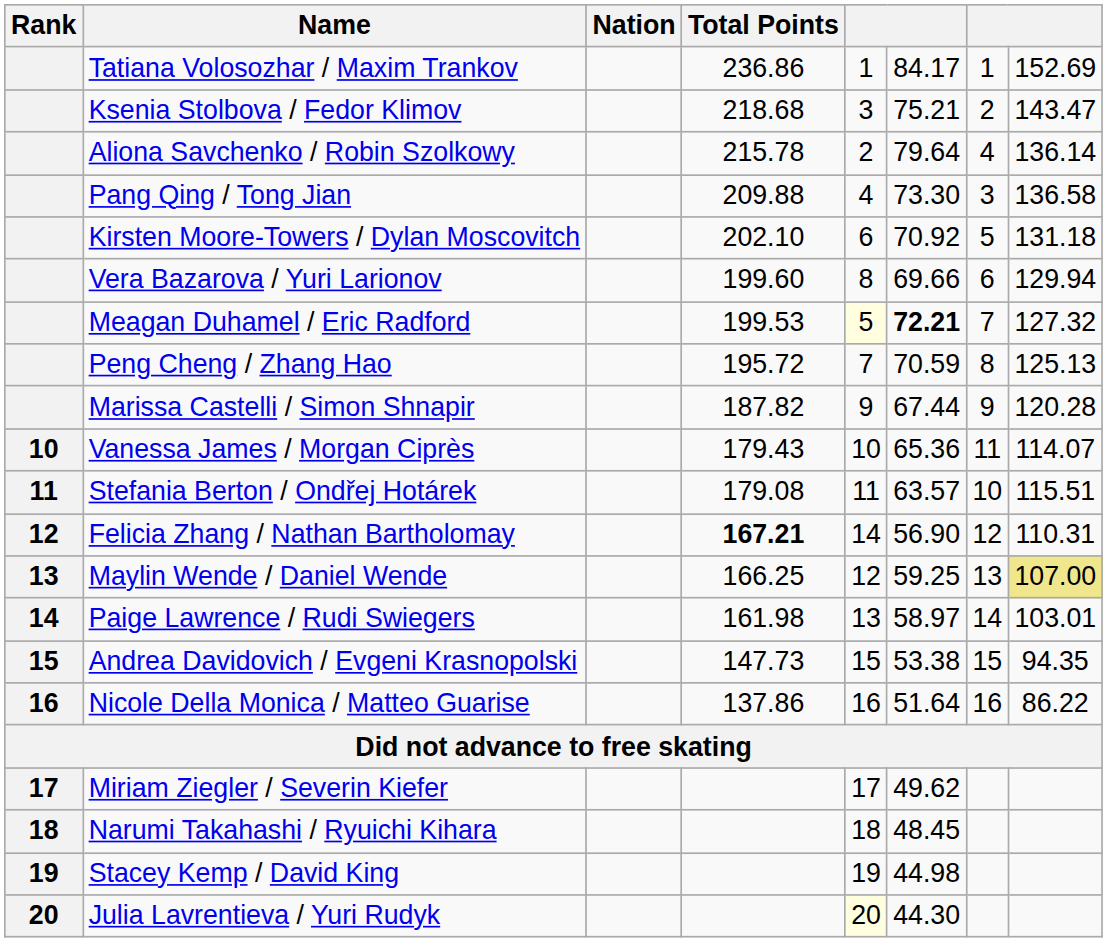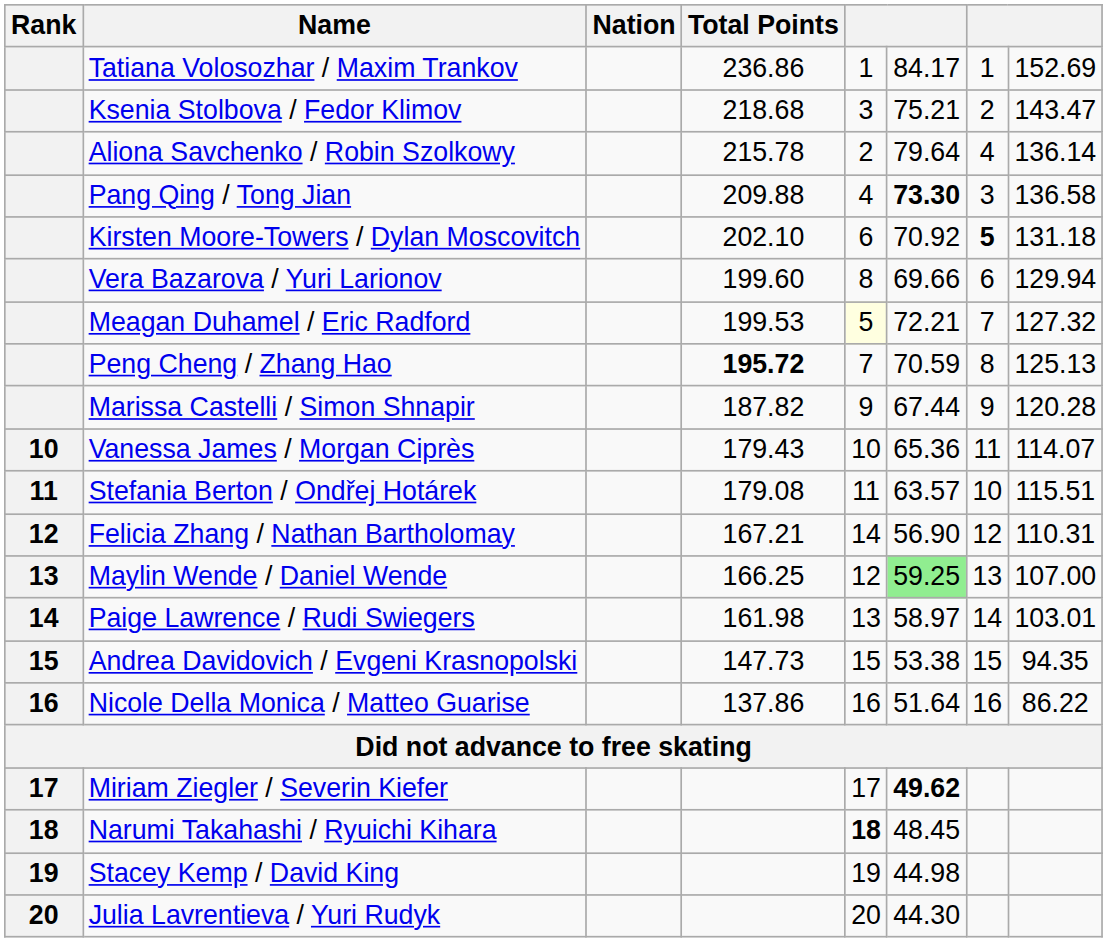 <table class="wikitable sortable" style="text-align:center">
 <tr>
 <th>Rank</th>
 <th>Name</th>
 <th>Nation</th>
 <th>Total Points</th>
 <th colspan=2></th>
 <th colspan=2></th>
 </tr>
 <tr>
 <th></th>
 <td align=left><a href='#'>Tatiana Volosozhar</a> / <a href='#'>Maxim Trankov</a></td>
 <td align=left></td>
 <td>236.86</td>
 <td>1</td>
 <td>84.17</td>
 <td>1</td>
 <td>152.69</td>
 </tr>
 <tr>
 <th></th>
 <td align=left><a href='#'>Ksenia Stolbova</a> / <a href='#'>Fedor Klimov</a></td>
 <td align=left></td>
 <td>218.68</td>
 <td>3</td>
 <td>75.21</td>
 <td>2</td>
 <td>143.47</td>
 </tr>
 <tr>
 <th></th>
 <td align=left><a href='#'>Aliona Savchenko</a> / <a href='#'>Robin Szolkowy</a></td>
 <td align=left></td>
 <td>215.78</td>
 <td>2</td>
 <td>79.64</td>
 <td>4</td>
 <td>136.14</td>
 </tr>
 <tr>
 <th></th>
 <td align=left><a href='#'>Pang Qing</a> / <a href='#'>Tong Jian</a></td>
 <td align=left></td>
 <td>209.88</td>
 <td>4</td>
-<td>73.30</td>
+<td><strong>73.30</strong></td>
 <td>3</td>
 <td>136.58</td>
 </tr>
 <tr>
 <th></th>
 <td align=left><a href='#'>Kirsten Moore-Towers</a> / <a href='#'>Dylan Moscovitch</a></td>
 <td align=left></td>
 <td>202.10</td>
 <td>6</td>
 <td>70.92</td>
-<td>5</td>
+<td><strong>5</strong></td>
 <td>131.18</td>
 </tr>
 <tr>
 <th></th>
 <td align=left><a href='#'>Vera Bazarova</a> / <a href='#'>Yuri Larionov</a></td>
 <td align=left></td>
 <td>199.60</td>
 <td>8</td>
 <td>69.66</td>
 <td>6</td>
 <td>129.94</td>
 </tr>
 <tr>
 <th></th>
 <td align=left><a href='#'>Meagan Duhamel</a> / <a href='#'>Eric Radford</a></td>
 <td align=left></td>
 <td>199.53</td>
 <td style="background: lightyellow;">5</td>
-<td><strong>72.21</strong></td>
+<td>72.21</td>
 <td>7</td>
 <td>127.32</td>
 </tr>
 <tr>
 <th></th>
 <td align=left><a href='#'>Peng Cheng</a> / <a href='#'>Zhang Hao</a></td>
 <td align=left></td>
-<td>195.72</td>
+<td><strong>195.72</strong></td>
 <td>7</td>
 <td>70.59</td>
 <td>8</td>
 <td>125.13</td>
 </tr>
 <tr>
 <th></th>
 <td align=left><a href='#'>Marissa Castelli</a> / <a href='#'>Simon Shnapir</a></td>
 <td align=left></td>
 <td>187.82</td>
 <td>9</td>
 <td>67.44</td>
 <td>9</td>
 <td>120.28</td>
 </tr>
 <tr>
 <th>10</th>
 <td align=left><a href='#'>Vanessa James</a> / <a href='#'>Morgan Ciprès</a></td>
 <td align=left></td>
 <td>179.43</td>
 <td>10</td>
 <td>65.36</td>
 <td>11</td>
 <td>114.07</td>
 </tr>
 <tr>
 <th>11</th>
 <td align=left><a href='#'>Stefania Berton</a> / <a href='#'>Ondřej Hotárek</a></td>
 <td align=left></td>
 <td>179.08</td>
 <td>11</td>
 <td>63.57</td>
 <td>10</td>
 <td>115.51</td>
 </tr>
 <tr>
 <th>12</th>
 <td align=left><a href='#'>Felicia Zhang</a> / <a href='#'>Nathan Bartholomay</a></td>
 <td align=left></td>
-<td><strong>167.21</strong></td>
+<td>167.21</td>
 <td>14</td>
 <td>56.90</td>
 <td>12</td>
 <td>110.31</td>
 </tr>
 <tr>
 <th>13</th>
 <td align=left><a href='#'>Maylin Wende</a> / <a href='#'>Daniel Wende</a></td>
 <td align=left></td>
 <td>166.25</td>
 <td>12</td>
-<td>59.25</td>
+<td style="background: lightgreen;">59.25</td>
 <td>13</td>
-<td style="background: khaki;">107.00</td>
+<td>107.00</td>
 </tr>
 <tr>
 <th>14</th>
 <td align=left><a href='#'>Paige Lawrence</a> / <a href='#'>Rudi Swiegers</a></td>
 <td align=left></td>
 <td>161.98</td>
 <td>13</td>
 <td>58.97</td>
 <td>14</td>
 <td>103.01</td>
 </tr>
 <tr>
 <th>15</th>
 <td align=left><a href='#'>Andrea Davidovich</a> / <a href='#'>Evgeni Krasnopolski</a></td>
 <td align=left></td>
 <td>147.73</td>
 <td>15</td>
 <td>53.38</td>
 <td>15</td>
 <td>94.35</td>
 </tr>
 <tr>
 <th>16</th>
 <td align=left><a href='#'>Nicole Della Monica</a> / <a href='#'>Matteo Guarise</a></td>
 <td align=left></td>
 <td>137.86</td>
 <td>16</td>
 <td>51.64</td>
 <td>16</td>
 <td>86.22</td>
 </tr>
 <tr>
 <th colspan=8>Did not advance to free skating</th>
 </tr>
 <tr>
 <th>17</th>
 <td align=left><a href='#'>Miriam Ziegler</a> / <a href='#'>Severin Kiefer</a></td>
 <td align=left></td>
 <td></td>
 <td>17</td>
-<td>49.62</td>
+<td><strong>49.62</strong></td>
 <td></td>
 <td></td>
 </tr>
 <tr>
 <th>18</th>
 <td align=left><a href='#'>Narumi Takahashi</a> / <a href='#'>Ryuichi Kihara</a></td>
 <td align=left></td>
 <td></td>
-<td>18</td>
+<td><strong>18</strong></td>
 <td>48.45</td>
 <td></td>
 <td></td>
 </tr>
 <tr>
 <th>19</th>
 <td align=left><a href='#'>Stacey Kemp</a> / <a href='#'>David King</a></td>
 <td align=left></td>
 <td></td>
 <td>19</td>
 <td>44.98</td>
 <td></td>
 <td></td>
 </tr>
 <tr>
 <th>20</th>
 <td align=left><a href='#'>Julia Lavrentieva</a> / <a href='#'>Yuri Rudyk</a></td>
 <td align=left></td>
 <td></td>
-<td style="background: lightyellow;">20</td>
+<td>20</td>
 <td>44.30</td>
 <td></td>
 <td></td>
 </tr>
 </table>
